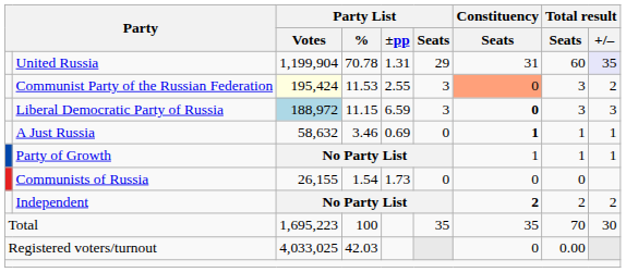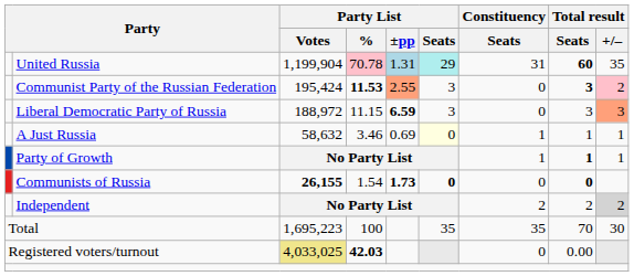 <table class="wikitable sortable" style="text-align:right; margin-bottom:0;">
 <tr style="background:#e9e9e9; text-align:center;">
 <th rowspan=2 colspan=2>Party</th>
 <th colspan=4>Party List</th>
 <th>Constituency</th>
 <th colspan=2>Total result</th>
 </tr>
 <tr style="background:#e9e9e9; text-align:center;">
 <th>Votes</th>
 <th>%</th>
 <th>±<a href='#'>pp</a></th>
 <th>Seats</th>
 <th>Seats</th>
 <th>Seats</th>
 <th>+/–</th>
 </tr>
 <tr>
 <td width="1"></td>
 <td style="text-align:left;"><a href='#'>United Russia</a></td>
 <td>1,199,904</td>
-<td>70.78</td>
-<td>1.31</td>
-<td>29</td>
+<td style="background: pink;">70.78</td>
+<td style="background: lightblue;">1.31</td>
+<td style="background: paleturquoise;">29</td>
 <td>31</td>
-<td>60</td>
-<td style="background: lavender;"> 35</td>
+<td><strong>60</strong></td>
+<td> 35</td>
 </tr>
 <tr>
 <td></td>
 <td style="text-align:left;"><a href='#'>Communist Party of the Russian Federation</a></td>
-<td style="background: lightyellow;">195,424</td>
-<td>11.53</td>
-<td>2.55</td>
+<td>195,424</td>
+<td><strong>11.53</strong></td>
+<td style="background: lightsalmon;">2.55</td>
 <td>3</td>
-<td style="background: lightsalmon;">0</td>
-<td>3</td>
-<td> 2</td>
+<td>0</td>
+<td><strong>3</strong></td>
+<td style="background: pink;"> 2</td>
 </tr>
 <tr>
 <td></td>
 <td style="text-align:left;"><a href='#'>Liberal Democratic Party of Russia</a></td>
-<td style="background: lightblue;">188,972</td>
+<td>188,972</td>
 <td>11.15</td>
-<td>6.59</td>
+<td><strong>6.59</strong></td>
 <td>3</td>
-<td><strong>0</strong></td>
+<td>0</td>
 <td>3</td>
-<td>3</td>
+<td style="background: lightsalmon;">3</td>
 </tr>
 <tr>
 <td></td>
 <td style="text-align:left;"><a href='#'>A Just Russia</a></td>
 <td>58,632</td>
 <td>3.46</td>
 <td>0.69</td>
-<td>0</td>
-<td><strong>1</strong></td>
+<td style="background: lightyellow;">0</td>
+<td>1</td>
 <td>1</td>
 <td>1</td>
 </tr>
 <tr>
 <td style="background:#0047ab;"></td>
 <td style="text-align:left;"><a href='#'>Party of Growth</a></td>
 <th colspan=4>No Party List</th>
 <td>1</td>
-<td>1</td>
+<td><strong>1</strong></td>
 <td>1</td>
 </tr>
 <tr>
 <td style="background:#e62020;"></td>
 <td style="text-align:left;"><a href='#'>Communists of Russia</a></td>
-<td>26,155</td>
+<td><strong>26,155</strong></td>
 <td>1.54</td>
-<td>1.73</td>
+<td><strong>1.73</strong></td>
+<td><strong>0</strong></td>
 <td>0</td>
-<td>0</td>
-<td>0</td>
+<td><strong>0</strong></td>
 <td></td>
 </tr>
 <tr>
 <td></td>
 <td style="text-align:left;"><a href='#'>Independent</a></td>
 <th colspan=4>No Party List</th>
-<td><strong>2</strong></td>
 <td>2</td>
 <td>2</td>
+<td style="background: lightgrey;">2</td>
 </tr>
 <tr>
 <td style="text-align:left;" colspan="2">Total</td>
 <td>1,695,223</td>
 <td>100</td>
 <td></td>
 <td>35</td>
 <td>35</td>
 <td>70</td>
 <td> 30</td>
 </tr>
 <tr>
 <td style="text-align:left;" colspan="2">Registered voters/turnout</td>
-<td>4,033,025</td>
-<td>42.03</td>
+<td style="background: khaki;">4,033,025</td>
+<td><strong>42.03</strong></td>
 <td></td>
 <td style="background:#e9e9e9;"></td>
 <td>0</td>
 <td>0.00</td>
 <td style="background:#e9e9e9;" colspan="3"></td>
 </tr>
 <tr>
 <td colspan="12" style="text-align:left;"></td>
 </tr>
 </table>
